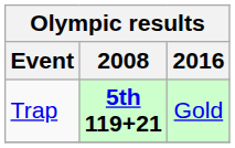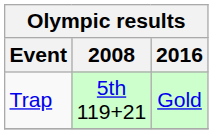 <table class="wikitable" style="text-align: center">
 <tr>
 <th colspan=4>Olympic results</th>
 </tr>
 <tr>
 <th>Event</th>
 <th>2008</th>
 <th>2016</th>
 </tr>
 <tr>
 <td align=left><a href='#'>Trap</a></td>
-<td style="background: #ccffcc"><strong><a href='#'>5th</a><br>119+21</strong></td>
+<td style="background: #ccffcc"><a href='#'>5th</a><br>119+21</td>
 <td style="background: #ccffcc"><a href='#'>Gold</a></td>
 </tr>
 <tr>
 </tr>
 </table>
